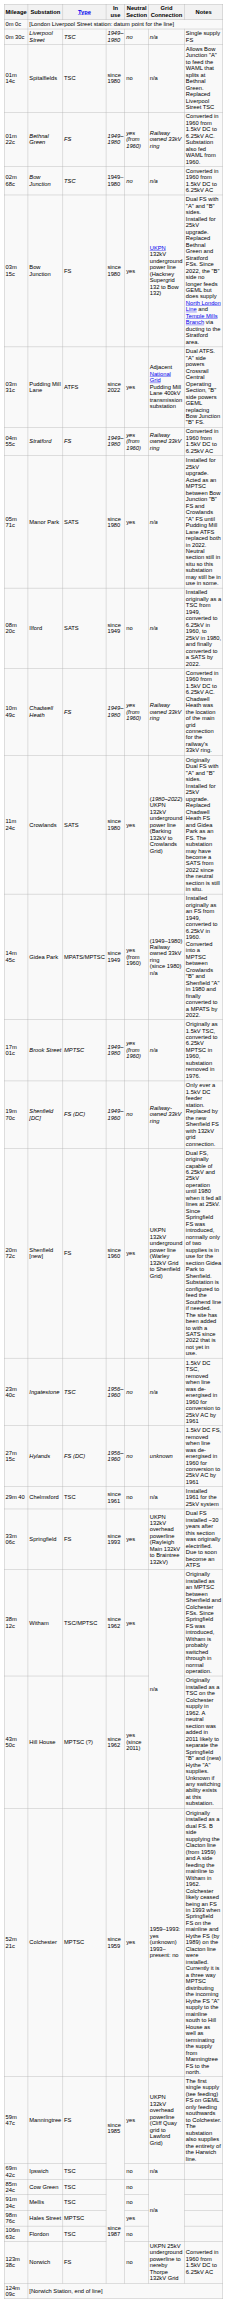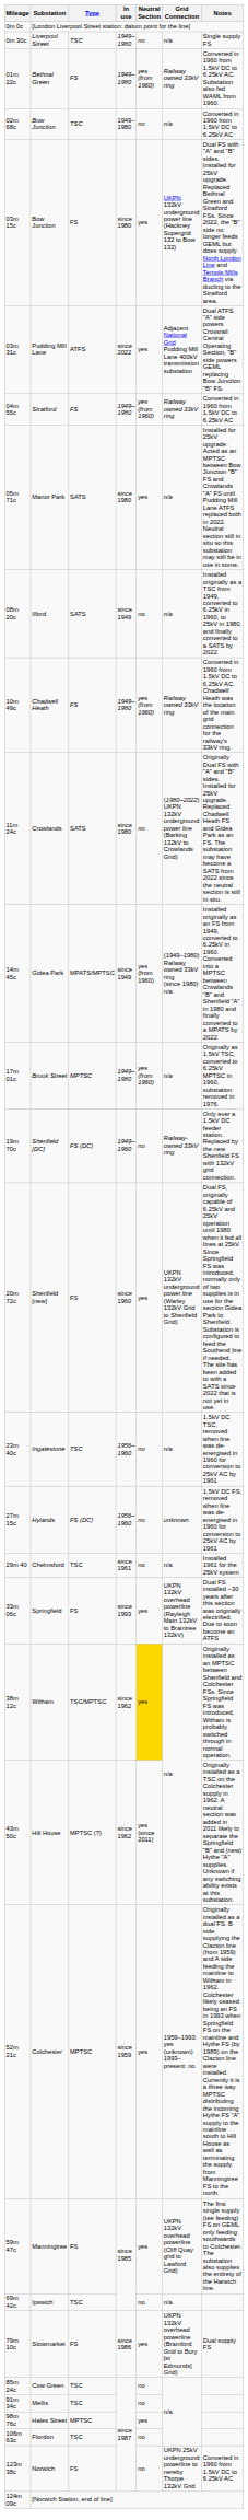 <table class="wikitable">
 <tr>
 <th>Mileage</th>
 <th>Substation</th>
 <th><a href='#'>Type</a></th>
 <th>In use</th>
 <th>Neutral Section</th>
 <th>Grid Connection</th>
 <th>Notes</th>
 </tr>
 <tr>
 <td>0m 0c</td>
 <td colspan="6">[London Liverpool Street station: datum point for the line]</td>
 </tr>
 <tr>
 <td>0m 30c</td>
 <td><em>Liverpool Street</em></td>
 <td><em>TSC</em></td>
 <td><em>1949–1980</em></td>
 <td><em>no</em></td>
 <td><em>n/a</em></td>
 <td>Single supply FS</td>
-</tr>
-<tr>
-<td>01m 14c</td>
-<td>Spitalfields</td>
-<td>TSC</td>
-<td>since 1980</td>
-<td>no</td>
-<td>n/a</td>
-<td>Allows Bow Junction "A" to feed the WAML that splits at Bethnal Green. Replaced Liverpool Street TSC</td>
 </tr>
 <tr>
 <td>01m 22c</td>
 <td><em>Bethnal Green</em></td>
 <td><em>FS</em></td>
 <td><em>1949–1980</em></td>
 <td><em>yes (from 1960)</em></td>
 <td><em>Railway owned 33kV ring</em></td>
 <td>Converted in 1960 from 1.5kV DC to 6.25kV AC. Substation also fed WAML from 1960.</td>
 </tr>
 <tr>
 <td>02m 68c</td>
 <td><em>Bow Junction</em></td>
 <td><em>TSC</em></td>
 <td>1949–1980</td>
 <td><em>no</em></td>
 <td><em>n/a</em></td>
 <td>Converted in 1960 from 1.5kV DC to 6.25kV AC</td>
 </tr>
 <tr>
 <td>03m 15c</td>
 <td>Bow Junction</td>
 <td>FS</td>
 <td>since 1980</td>
 <td>yes</td>
 <td><a href='#'>UKPN</a> 132kV underground power line<br>(Hackney Supergrid 132 to Bow 132)</td>
 <td>Dual FS with "A" and "B" sides. Installed for 25kV upgrade. Replaced Bethnal Green and Stratford FSs. Since 2022, the "B" side no longer feeds GEML but does supply <a href='#'>North London Line</a> and <a href='#'>Temple Mills Branch</a> via ducting to the Stratford area.</td>
 </tr>
 <tr>
 <td>03m 31c</td>
 <td>Pudding Mill Lane</td>
 <td>ATFS</td>
 <td>since 2022</td>
 <td>yes</td>
 <td>Adjacent <a href='#'>National Grid</a> Pudding Mill Lane 400kV transmission substation</td>
 <td>Dual ATFS. "A" side powers Crossrail Central Operating Section, "B" side powers GEML replacing Bow Junction "B" FS.</td>
 </tr>
 <tr>
 <td>04m 55c</td>
 <td><em>Stratford</em></td>
 <td><em>FS</em></td>
 <td><em>1949–1980</em></td>
 <td><em>yes (from 1960)</em></td>
 <td><em>Railway owned 33kV ring</em></td>
 <td>Converted in 1960 from 1.5kV DC to 6.25kV AC</td>
 </tr>
 <tr>
 <td>05m 71c</td>
 <td>Manor Park</td>
 <td>SATS</td>
 <td>since 1980</td>
 <td>yes</td>
 <td><em>n/a</em></td>
 <td>Installed for 25kV upgrade. Acted as an MPTSC between Bow Junction "B" FS and Crowlands "A" FS until Pudding Mill Lane ATFS replaced both in 2022. Neutral section still in situ so this substation may still be in use in some.</td>
 </tr>
 <tr>
 <td>08m 20c</td>
 <td>Ilford</td>
 <td>SATS</td>
 <td>since 1949</td>
 <td>no</td>
 <td><em>n/a</em></td>
 <td>Installed originally as a TSC from 1949, converted to 6.25kV in 1960, to 25kV in 1980, and finally converted to a SATS by 2022.</td>
 </tr>
 <tr>
 <td>10m 49c</td>
 <td><em>Chadwell Heath</em></td>
 <td><em>FS</em></td>
 <td><em>1949–1980</em></td>
 <td><em>yes (from 1960)</em></td>
 <td><em>Railway owned 33kV ring</em></td>
 <td>Converted in 1960 from 1.5kV DC to 6.25kV AC. Chadwell Heath was the location of the main grid connection for the railway's 33kV ring.</td>
 </tr>
 <tr>
 <td>11m 24c</td>
 <td>Crowlands</td>
 <td>SATS</td>
 <td>since 1980</td>
-<td>yes</td>
+<td><em>no</em></td>
 <td>(<em>1980–2022</em>) UKPN 132kV underground power line<br>(Barking 132kV to Crowlands Grid)</td>
 <td>Originally Dual FS with "A" and "B" sides. Installed for 25kV upgrade. Replaced Chadwell Heath FS and Gidea Park as an FS. The substation may have become a SATS from 2022 since the neutral section is still in situ.</td>
 </tr>
 <tr>
 <td>14m 45c</td>
 <td>Gidea Park</td>
 <td>MPATS/MPTSC</td>
 <td>since 1949</td>
 <td>yes (from 1960)</td>
 <td>(1949–1980) Railway owned 33kV ring<br>(since 1980) n/a</td>
 <td>Installed originally as an FS from 1949, converted to 6.25kV in 1960. Converted into a MPTSC between Crowlands "B" and Shenfield "A" in 1980 and finally converted to a MPATS by 2022.</td>
 </tr>
 <tr>
 <td>17m 01c</td>
 <td><em>Brook Street</em></td>
 <td><em>MPTSC</em></td>
 <td><em>1949–1980</em></td>
 <td><em>yes (from 1960)</em></td>
 <td><em>n/a</em></td>
 <td>Originally as 1.5kV TSC, converted to 6.25kV MPTSC in 1960, substation removed in 1976.</td>
 </tr>
 <tr>
 <td>19m 70c</td>
 <td><em>Shenfield [DC]</em></td>
 <td><em>FS (DC)</em></td>
 <td><em>1949–1960</em></td>
 <td><em>no</em></td>
 <td><em>Railway-owned 33kV ring</em></td>
 <td>Only ever a 1.5kV DC feeder station. Replaced by the new Shenfield FS with 132kV grid connection.</td>
 </tr>
 <tr>
 <td>20m 72c</td>
 <td>Shenfield [new]</td>
 <td>FS</td>
 <td>since 1960</td>
 <td>yes</td>
 <td>UKPN 132kV underground power line<br>(Warley 132kV Grid to Shenfield Grid)</td>
 <td>Dual FS, originally capable of 6.25kV and 25kV operation until 1980 when it fed all lines at 25kV.<br>Since Springfield FS was introduced, normally only of two supplies is in use for the section Gidea Park to Shenfield. Substation is configured to feed the Southend line if needed. The site has been added to with a SATS since 2022 that is not yet in use.</td>
 </tr>
 <tr>
 <td>23m 40c</td>
 <td><em>Ingatestone</em></td>
 <td><em>TSC</em></td>
 <td><em>1956–1960</em></td>
 <td><em>no</em></td>
 <td><em>n/a</em></td>
 <td>1.5kV DC TSC, removed when line was de-energised in 1960 for conversion to 25kV AC by 1961</td>
 </tr>
 <tr>
 <td>27m 15c</td>
 <td><em>Hylands</em></td>
 <td><em>FS (DC)</em></td>
 <td><em>1956–1960</em></td>
 <td><em>no</em></td>
 <td><em>unknown</em></td>
 <td>1.5kV DC FS, removed when line was de-energised in 1960 for conversion to 25kV AC by 1961</td>
 </tr>
 <tr>
 <td>29m 40</td>
 <td>Chelmsford</td>
 <td>TSC</td>
 <td>since 1961</td>
 <td>no</td>
 <td>n/a</td>
 <td>Installed 1961 for the 25kV system</td>
 </tr>
 <tr>
 <td>33m 06c</td>
 <td>Springfield</td>
 <td>FS</td>
 <td>since 1993</td>
 <td>yes</td>
 <td>UKPN 132kV overhead powerline<br>(Rayleigh Main 132kV to Braintree 132kV)</td>
 <td>Dual FS installed ~30 years after this section was originally electrified.<br>Due to soon become an ATFS</td>
 </tr>
 <tr>
 <td>38m 12c</td>
 <td>Witham</td>
 <td>TSC/MPTSC</td>
 <td>since 1962</td>
-<td>yes</td>
+<td style="background: gold;">yes</td>
 <td rowspan="2">n/a</td>
 <td>Originally installed as an MPTSC between Shenfield and Colchester FSs. Since Springfield FS was introduced, Witham is probably switched through in normal operation.</td>
 </tr>
 <tr>
 <td>43m 50c</td>
 <td>Hill House</td>
 <td>MPTSC (?)</td>
 <td>since 1962</td>
 <td>yes (since 2011)</td>
 <td>Originally installed as a TSC on the Colchester supply in 1962. A neutral section was added in 2011 likely to separate the Springfield "B" and (new) Hythe "A" supplies. Unknown if any switching ability exists at this substation.</td>
 </tr>
 <tr>
 <td>52m 21c</td>
 <td>Colchester</td>
 <td>MPTSC</td>
 <td>since 1959</td>
 <td>yes</td>
 <td>1959–1993: yes (unknown)<br>1993–present: no</td>
 <td>Originally installed as a dual FS. B side supplying the Clacton line (from 1959) and A side feeding the mainline to Witham in 1962. Colchester likely ceased being an FS in 1993 when Springfield FS on the mainline and Hythe FS (by 1989) on the Clacton line were installed.<br>Currently it is a three way MPTSC distributing the incoming Hythe FS "A" supply to the mainline south to Hill House as well as terminating the supply from Manningtree FS to the north.</td>
 </tr>
 <tr>
 <td>59m 47c</td>
 <td>Manningtree</td>
 <td>FS</td>
 <td rowspan="2">since 1985</td>
 <td>yes</td>
 <td>UKPN 132kV overhead powerline (Cliff Quay grid to Lawford Grid)</td>
 <td>The first single supply (tee feeding) FS on GEML only feeding southwards to Colchester. The substation also supplies the entirety of the Harwich line.</td>
 </tr>
 <tr>
 <td>69m 42c</td>
 <td>Ipswich</td>
 <td>TSC</td>
 <td>no</td>
 <td>n/a</td>
 <td></td>
+</tr>
+<tr>
+<td>79m 10c</td>
+<td>Stowmarket</td>
+<td>FS</td>
+<td>since 1986</td>
+<td>yes</td>
+<td>UKPN 132kV overhead powerline<br>(Bramford Grid to Bury [st Edmunds] Grid)</td>
+<td>Dual supply FS</td>
 </tr>
 <tr>
 <td>85m 24c</td>
 <td>Cow Green</td>
 <td>TSC</td>
 <td rowspan="5">since 1987</td>
 <td>no</td>
 <td rowspan="4">n/a</td>
 <td></td>
 </tr>
 <tr>
 <td>91m 34c</td>
 <td>Mellis</td>
 <td>TSC</td>
 <td>no</td>
 <td></td>
 </tr>
 <tr>
 <td>98m 76c</td>
 <td>Hales Street</td>
 <td>MPTSC</td>
 <td>yes</td>
 <td></td>
 </tr>
 <tr>
 <td>106m 63c</td>
 <td>Flordon</td>
 <td>TSC</td>
 <td>no</td>
 <td></td>
 </tr>
 <tr>
 <td>123m 38c</td>
 <td>Norwich</td>
 <td>FS</td>
 <td>no</td>
 <td>UKPN 25kV underground powerline to nereby Thorpe 132kV Grid</td>
 <td>Converted in 1960 from 1.5kV DC to 6.25kV AC</td>
 </tr>
 <tr>
 <td>124m 09c</td>
 <td colspan="6">[Norwich Station, end of line]</td>
 </tr>
 </table>
